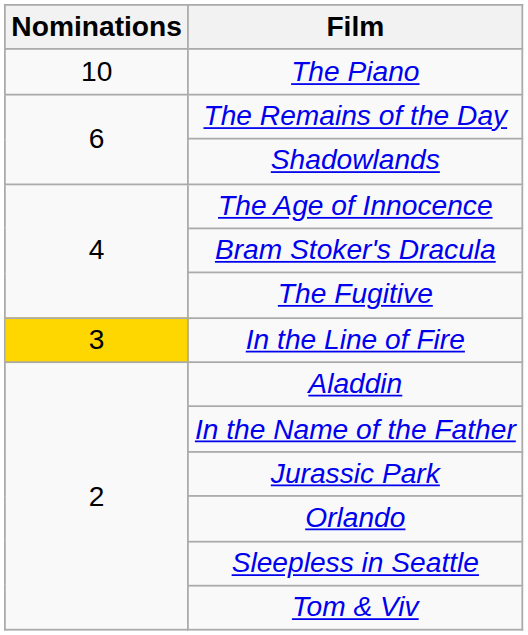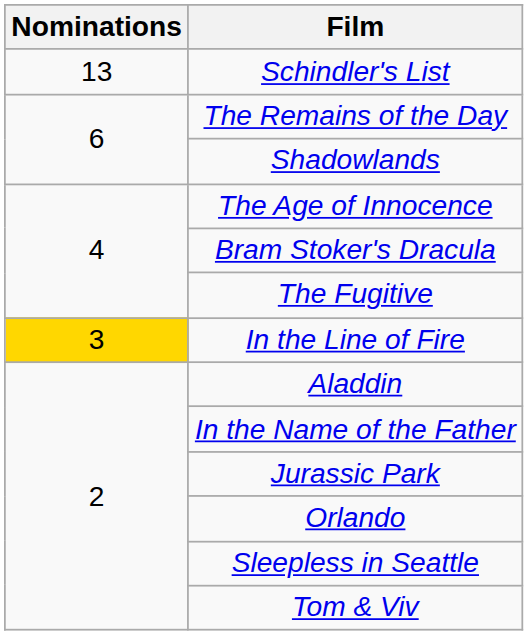 <table class="wikitable" style="text-align:center;">
 <tr>
 <th style="background:">Nominations</th>
 <th style="background:">Film</th>
 </tr>
 <tr>
-<td>10</td>
-<td><em><a href='#'>The Piano</a></em></td>
+<td>13</td>
+<td><em><a href='#'>Schindler's List</a></em></td>
 </tr>
 <tr>
 <td rowspan="2">6</td>
 <td><em><a href='#'>The Remains of the Day</a></em></td>
 </tr>
 <tr>
 <td><em><a href='#'>Shadowlands</a></em></td>
 </tr>
 <tr>
 <td rowspan="3">4</td>
 <td><em><a href='#'>The Age of Innocence</a></em></td>
 </tr>
 <tr>
 <td><em><a href='#'>Bram Stoker's Dracula</a></em></td>
 </tr>
 <tr>
 <td><em><a href='#'>The Fugitive</a></em></td>
 </tr>
 <tr>
 <td style="background: gold;">3</td>
 <td><em><a href='#'>In the Line of Fire</a></em></td>
 </tr>
 <tr>
 <td rowspan="6">2</td>
 <td><em><a href='#'>Aladdin</a></em></td>
 </tr>
 <tr>
 <td><em><a href='#'>In the Name of the Father</a></em></td>
 </tr>
 <tr>
 <td><em><a href='#'>Jurassic Park</a></em></td>
 </tr>
 <tr>
 <td><em><a href='#'>Orlando</a></em></td>
 </tr>
 <tr>
 <td><em><a href='#'>Sleepless in Seattle</a></em></td>
 </tr>
 <tr>
 <td><em><a href='#'>Tom & Viv</a></em></td>
 </tr>
 </table>
